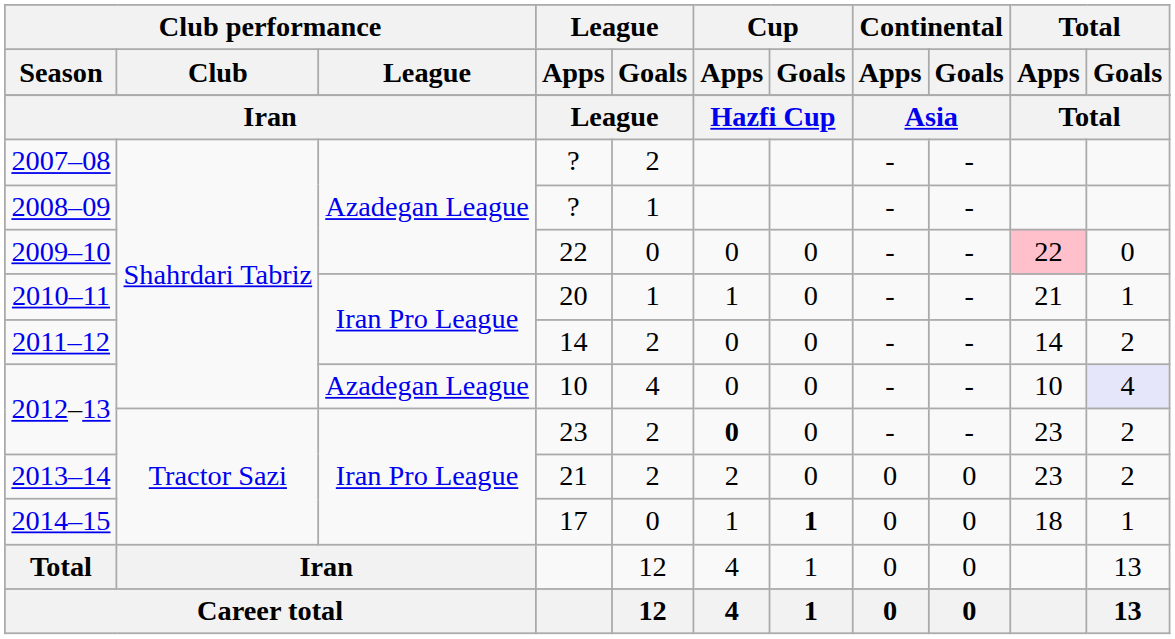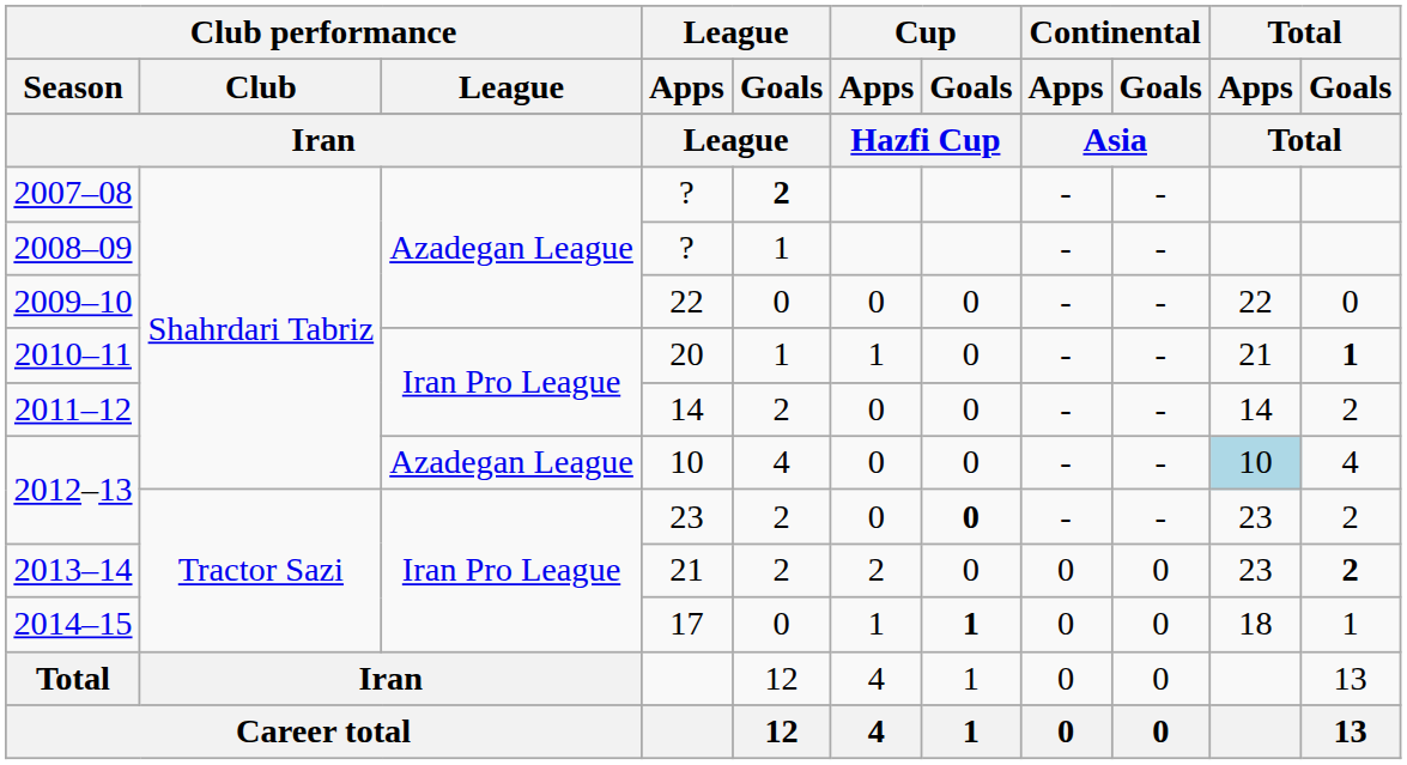 <table class="wikitable" style="text-align:center">
 <tr>
 <th colspan=3>Club performance</th>
 <th colspan=2>League</th>
 <th colspan=2>Cup</th>
 <th colspan=2>Continental</th>
 <th colspan=2>Total</th>
 </tr>
 <tr>
 <th>Season</th>
 <th>Club</th>
 <th>League</th>
 <th>Apps</th>
 <th>Goals</th>
 <th>Apps</th>
 <th>Goals</th>
 <th>Apps</th>
 <th>Goals</th>
 <th>Apps</th>
 <th>Goals</th>
 </tr>
 <tr>
 </tr>
 <tr>
 <th colspan=3>Iran</th>
 <th colspan=2>League</th>
 <th colspan=2><a href='#'>Hazfi Cup</a></th>
 <th colspan=2><a href='#'>Asia</a></th>
 <th colspan=2>Total</th>
 </tr>
 <tr>
 <td><a href='#'>2007–08</a></td>
 <td rowspan="6"><a href='#'>Shahrdari Tabriz</a></td>
 <td rowspan="3"><a href='#'>Azadegan League</a></td>
 <td>?</td>
-<td>2</td>
+<td><strong>2</strong></td>
 <td></td>
 <td></td>
 <td>-</td>
 <td>-</td>
 <td></td>
 <td></td>
 </tr>
 <tr>
 <td><a href='#'>2008–09</a></td>
 <td>?</td>
 <td>1</td>
 <td></td>
 <td></td>
 <td>-</td>
 <td>-</td>
 <td></td>
 <td></td>
 </tr>
 <tr>
 <td><a href='#'>2009–10</a></td>
 <td>22</td>
 <td>0</td>
 <td>0</td>
 <td>0</td>
 <td>-</td>
 <td>-</td>
-<td style="background: pink;">22</td>
+<td>22</td>
 <td>0</td>
 </tr>
 <tr>
 <td><a href='#'>2010–11</a></td>
 <td rowspan="2"><a href='#'>Iran Pro League</a></td>
 <td>20</td>
 <td>1</td>
 <td>1</td>
 <td>0</td>
 <td>-</td>
 <td>-</td>
 <td>21</td>
-<td>1</td>
+<td><strong>1</strong></td>
 </tr>
 <tr>
 <td><a href='#'>2011–12</a></td>
 <td>14</td>
 <td>2</td>
 <td>0</td>
 <td>0</td>
 <td>-</td>
 <td>-</td>
 <td>14</td>
 <td>2</td>
 </tr>
 <tr>
 <td rowspan="2"><a href='#'>2012</a>–<a href='#'>13</a></td>
 <td rowspan="1"><a href='#'>Azadegan League</a></td>
 <td>10</td>
 <td>4</td>
 <td>0</td>
 <td>0</td>
 <td>-</td>
 <td>-</td>
-<td>10</td>
-<td style="background: lavender;">4</td>
+<td style="background: lightblue;">10</td>
+<td>4</td>
 </tr>
 <tr>
 <td rowspan="3"><a href='#'>Tractor Sazi</a></td>
 <td rowspan="3"><a href='#'>Iran Pro League</a></td>
 <td>23</td>
 <td>2</td>
+<td>0</td>
 <td><strong>0</strong></td>
-<td>0</td>
 <td>-</td>
 <td>-</td>
 <td>23</td>
 <td>2</td>
 </tr>
 <tr>
 <td rowspan="1"><a href='#'>2013–14</a></td>
 <td>21</td>
 <td>2</td>
 <td>2</td>
 <td>0</td>
 <td>0</td>
 <td>0</td>
 <td>23</td>
-<td>2</td>
+<td><strong>2</strong></td>
 </tr>
 <tr>
 <td><a href='#'>2014–15</a></td>
 <td>17</td>
 <td>0</td>
 <td>1</td>
 <td><strong>1</strong></td>
 <td>0</td>
 <td>0</td>
 <td>18</td>
 <td>1</td>
 </tr>
 <tr>
 <th rowspan=1>Total</th>
 <th colspan=2>Iran</th>
 <td></td>
 <td>12</td>
 <td>4</td>
 <td>1</td>
 <td>0</td>
 <td>0</td>
 <td></td>
 <td>13</td>
 </tr>
 <tr>
 <th colspan=3>Career total</th>
 <th></th>
 <th>12</th>
 <th>4</th>
 <th>1</th>
 <th>0</th>
 <th>0</th>
 <th></th>
 <th>13</th>
 </tr>
 </table>
